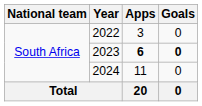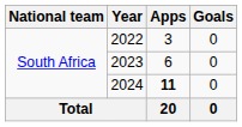 <table class=wikitable style=text-align:center>
 <tr>
 <th>National team</th>
 <th>Year</th>
 <th>Apps</th>
 <th>Goals</th>
 </tr>
 <tr>
 <td rowspan="3"><a href='#'>South Africa</a></td>
 <td>2022</td>
 <td>3</td>
 <td>0</td>
 </tr>
 <tr>
 <td>2023</td>
-<td><strong>6</strong></td>
-<td><strong>0</strong></td>
+<td>6</td>
+<td>0</td>
 </tr>
 <tr>
 <td>2024</td>
-<td>11</td>
+<td><strong>11</strong></td>
 <td>0</td>
 </tr>
 <tr>
 <th colspan=2>Total</th>
 <th>20</th>
 <th>0</th>
 </tr>
 </table>
